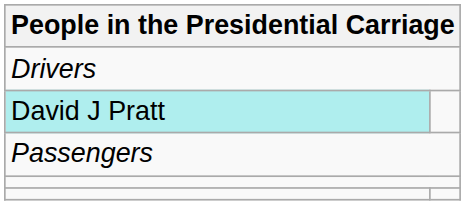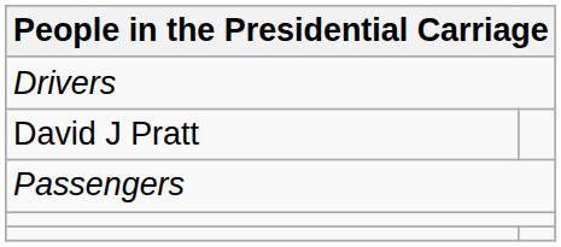 <table class="wikitable mw-collapsible mw-collapsed">
 <tr>
 <th colspan="2">People in the Presidential Carriage</th>
 </tr>
 <tr>
 <td colspan="2"><em>Drivers</em></td>
 </tr>
 <tr>
-<td style="background: paleturquoise;">David J Pratt</td>
+<td>David J Pratt</td>
 <td></td>
 </tr>
 <tr>
 <td colspan="2"><em>Passengers</em></td>
 </tr>
 <tr>
 <td colspan="2"></td>
 </tr>
 <tr>
 <td></td>
 <td></td>
 </tr>
 </table>
